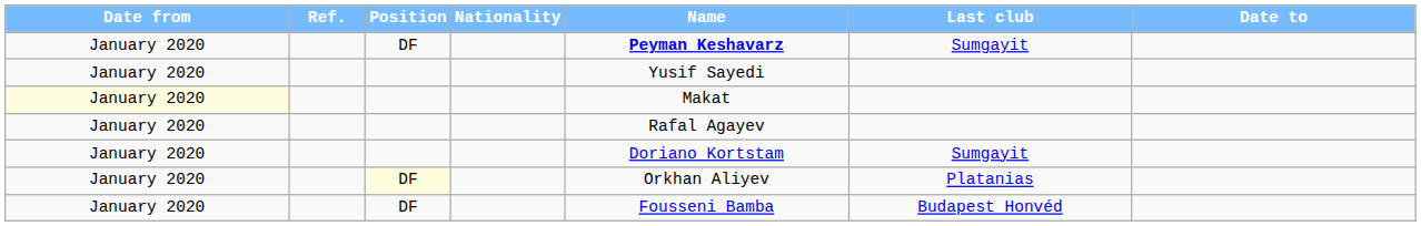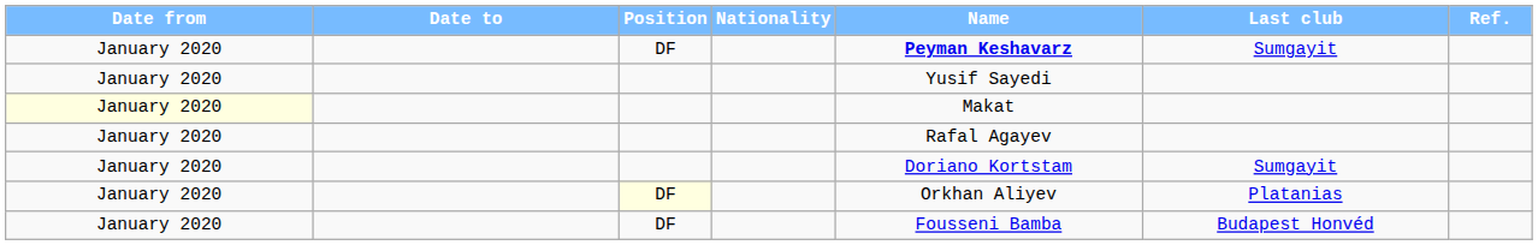 <table class="wikitable"  style="text-align:center; font-size:90%; ">
 <tr>
 <th style="background:#77BBFF; color:#FFFFFF; width:200px;">Date from</th>
-<th style="background:#77BBFF; color:#FFFFFF; width:50px;">Ref.</th>
+<th style="background:#77BBFF; color:#FFFFFF; width:200px;">Date to</th>
 <th style="background:#77BBFF; color:#FFFFFF; width:50px;">Position</th>
 <th style="background:#77BBFF; color:#FFFFFF; width:50px;">Nationality</th>
 <th style="background:#77BBFF; color:#FFFFFF; width:200px;">Name</th>
 <th style="background:#77BBFF; color:#FFFFFF; width:200px;">Last club</th>
-<th style="background:#77BBFF; color:#FFFFFF; width:200px;">Date to</th>
+<th style="background:#77BBFF; color:#FFFFFF; width:50px;">Ref.</th>
 </tr>
 <tr>
 <td>January 2020</td>
 <td></td>
 <td>DF</td>
 <td></td>
 <td><strong><a href='#'>Peyman Keshavarz</a></strong></td>
 <td><a href='#'>Sumgayit</a></td>
 <td></td>
 </tr>
 <tr>
 <td>January 2020</td>
 <td></td>
 <td></td>
 <td></td>
 <td>Yusif Sayedi</td>
 <td></td>
 <td></td>
 </tr>
 <tr>
 <td style="background: lightyellow;">January 2020</td>
 <td></td>
 <td></td>
 <td></td>
 <td>Makat</td>
 <td></td>
 <td></td>
 </tr>
 <tr>
 <td>January 2020</td>
 <td></td>
 <td></td>
 <td></td>
 <td>Rafal Agayev</td>
 <td></td>
 <td></td>
 </tr>
 <tr>
 <td>January 2020</td>
 <td></td>
 <td></td>
 <td></td>
 <td><a href='#'>Doriano Kortstam</a></td>
 <td><a href='#'>Sumgayit</a></td>
 <td></td>
 </tr>
 <tr>
 <td>January 2020</td>
 <td></td>
 <td style="background: lightyellow;">DF</td>
 <td></td>
 <td>Orkhan Aliyev</td>
 <td><a href='#'>Platanias</a></td>
 <td></td>
 </tr>
 <tr>
 <td>January 2020</td>
 <td></td>
 <td>DF</td>
 <td></td>
 <td><a href='#'>Fousseni Bamba</a></td>
 <td><a href='#'>Budapest Honvéd</a></td>
 <td></td>
 </tr>
 </table>
